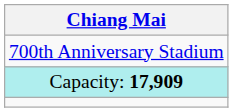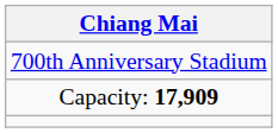 <table class="wikitable" style="text-align:center;margin:1em auto;">
 <tr>
 <th colspan="1"><a href='#'>Chiang Mai</a></th>
 </tr>
 <tr>
 <td><a href='#'>700th Anniversary Stadium</a></td>
 </tr>
 <tr>
-<td style="background: paleturquoise;">Capacity: <strong>17,909</strong></td>
+<td>Capacity: <strong>17,909</strong></td>
 </tr>
 <tr>
 <td></td>
 </tr>
 </table>
